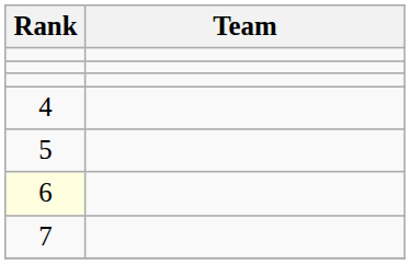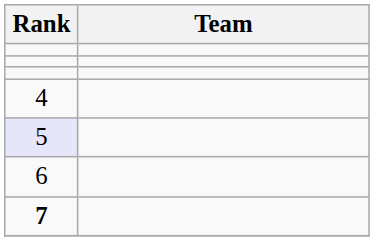 <table class="wikitable" style="text-align:center;">
 <tr>
 <th width=40>Rank</th>
 <th width=180>Team</th>
 </tr>
 <tr>
 <td></td>
 <td align=left></td>
 </tr>
 <tr>
 <td></td>
 <td align=left></td>
 </tr>
 <tr>
 <td></td>
 <td align=left></td>
 </tr>
 <tr>
 <td>4</td>
 <td align=left></td>
 </tr>
 <tr>
-<td>5</td>
+<td style="background: lavender;">5</td>
 <td align=left></td>
 </tr>
 <tr>
-<td style="background: lightyellow;">6</td>
+<td>6</td>
 <td align=left></td>
 </tr>
 <tr>
-<td>7</td>
+<td><strong>7</strong></td>
 <td align=left></td>
 </tr>
 <tr>
 </tr>
 </table>
